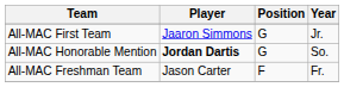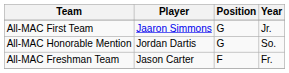 <table class="wikitable" border="1">
 <tr align=center>
 <th style= >Team</th>
 <th style= >Player</th>
 <th style= >Position</th>
 <th style= >Year</th>
 </tr>
 <tr align="center">
 </tr>
 <tr>
 <td>All-MAC First Team</td>
 <td><a href='#'>Jaaron Simmons</a></td>
 <td>G</td>
 <td>Jr.</td>
 </tr>
 <tr>
 <td>All-MAC Honorable Mention</td>
-<td><strong>Jordan Dartis</strong></td>
+<td>Jordan Dartis</td>
 <td>G</td>
 <td>So.</td>
 </tr>
 <tr>
 <td>All-MAC Freshman Team</td>
 <td>Jason Carter</td>
 <td>F</td>
 <td>Fr.</td>
 </tr>
 <tr>
 </tr>
 </table>
